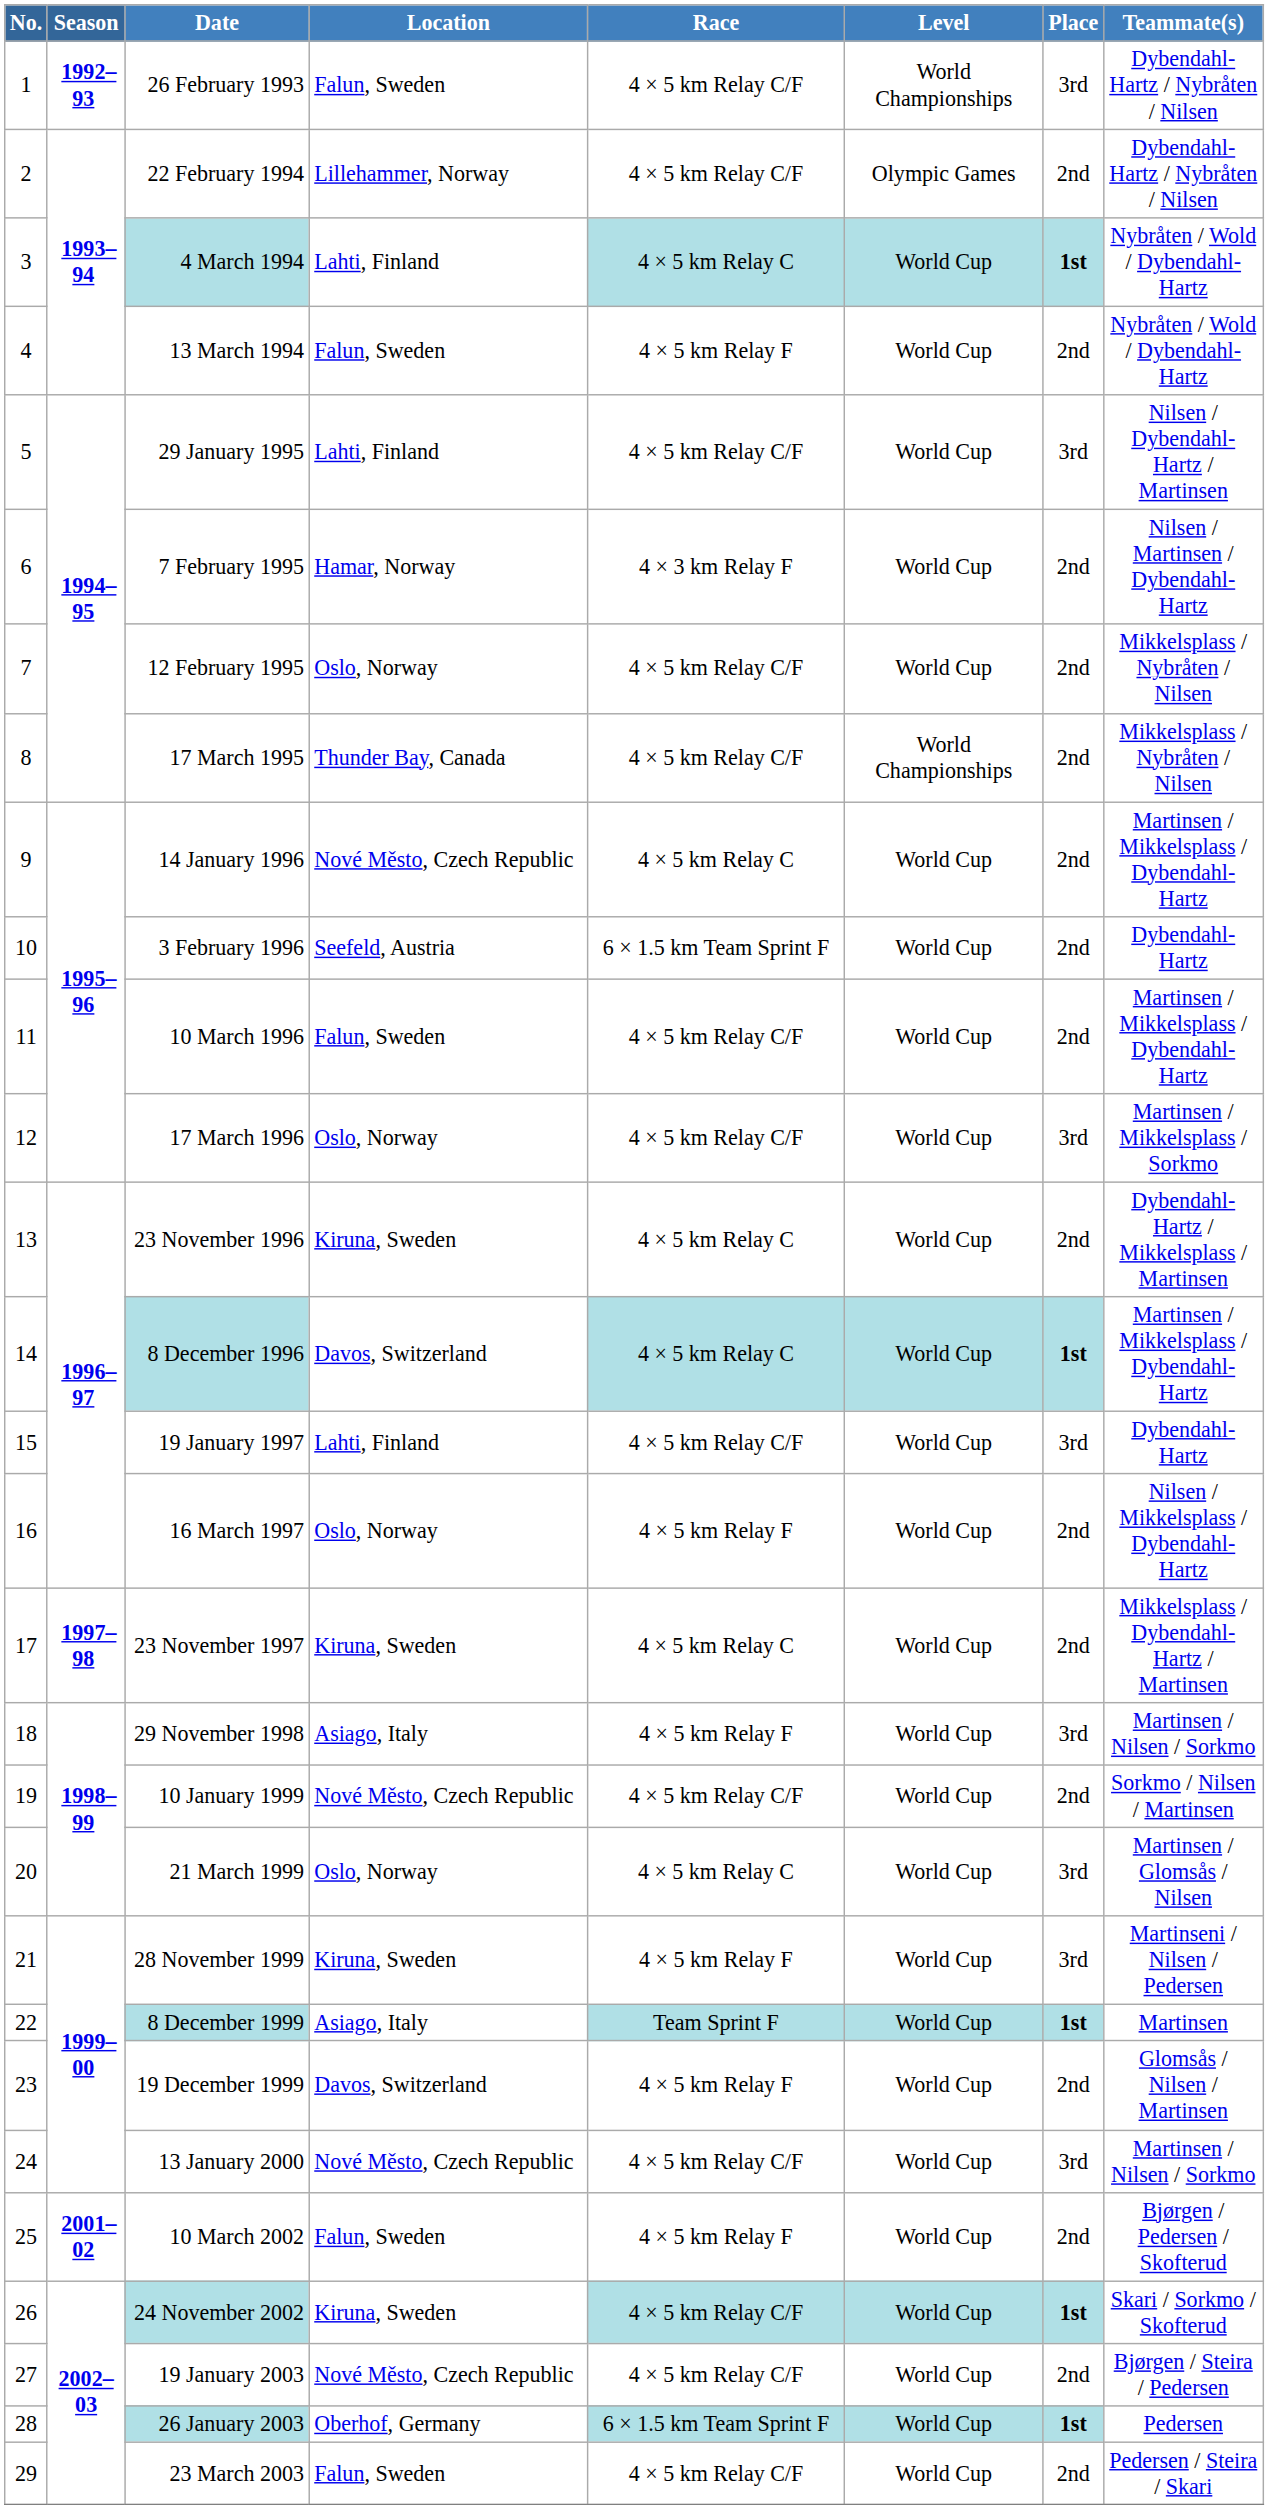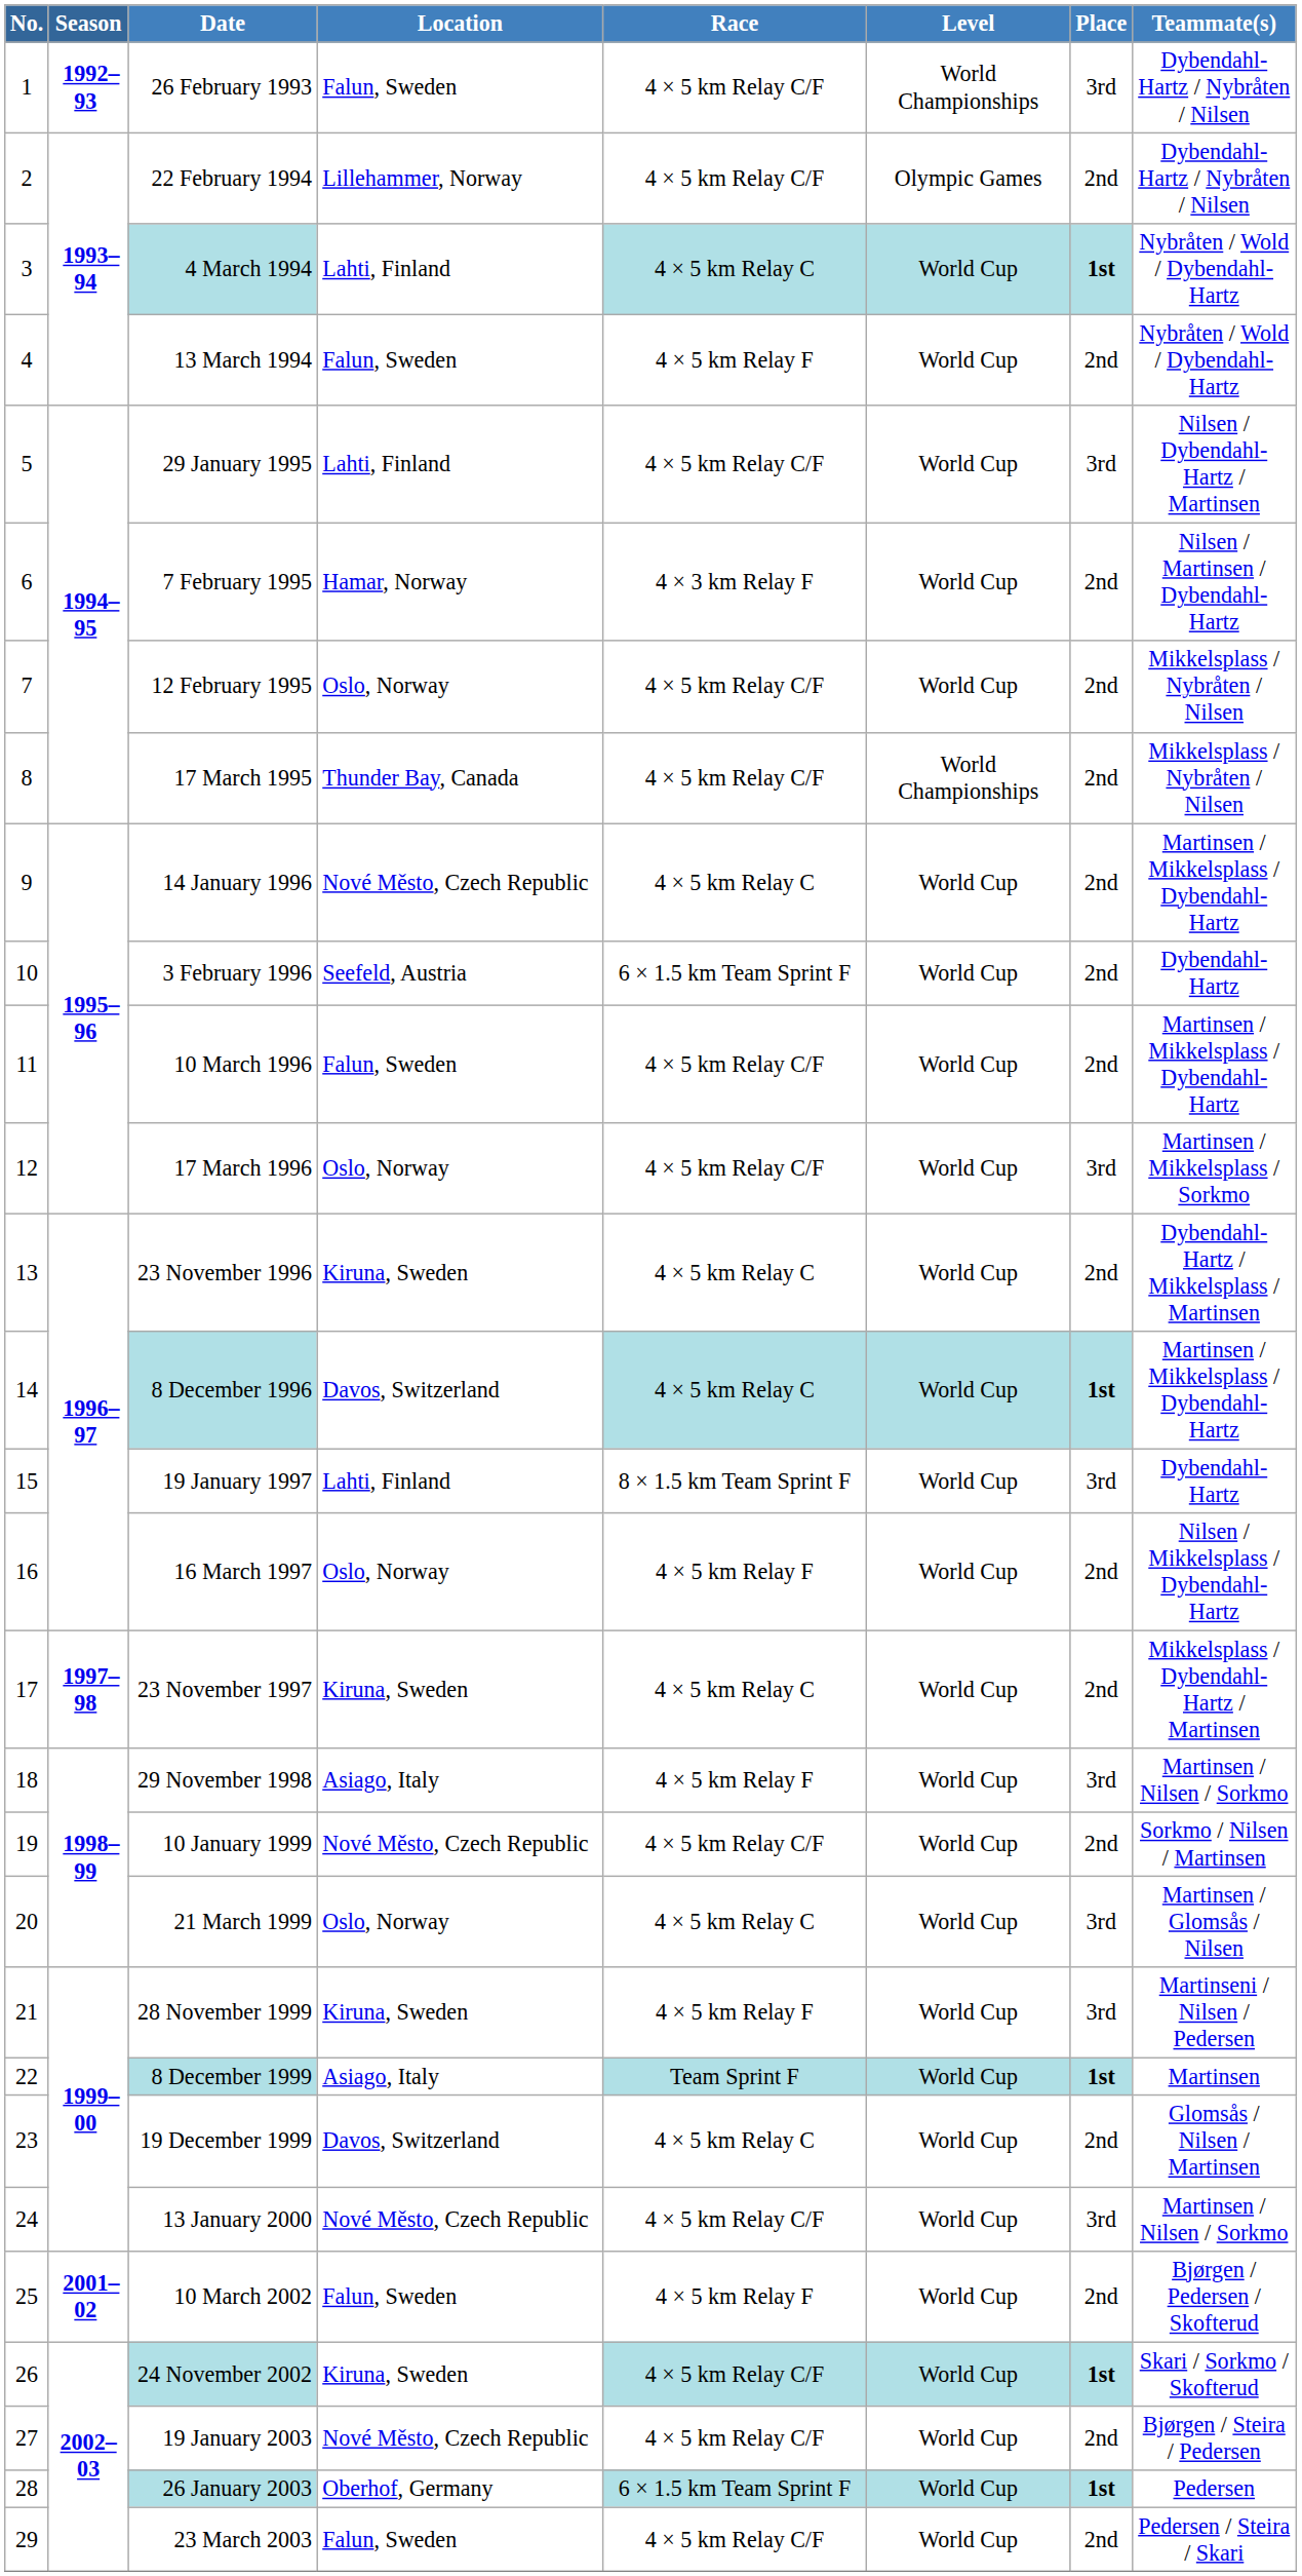 <table class="wikitable sortable" style="font-size:95%; text-align:center; border:grey solid 1px; border-collapse:collapse; background:#ffffff;">
 <tr style="background:#efefef;">
 <th style="background-color:#369; color:white;">No.</th>
 <th style="background-color:#369; color:white;">Season</th>
 <th style="background-color:#4180be; color:white; width:120px;">Date</th>
 <th style="background-color:#4180be; color:white; width:185px;">Location</th>
 <th style="background-color:#4180be; color:white; width:170px;">Race</th>
 <th style="background-color:#4180be; color:white; width:130px;">Level</th>
 <th style="background-color:#4180be; color:white;">Place</th>
 <th style="background-color:#4180be; color:white;">Teammate(s)</th>
 </tr>
 <tr>
 <td align=center>1</td>
 <td rowspan=1 align=center><strong> <a href='#'>1992–93</a> </strong></td>
 <td align=right>26 February 1993</td>
 <td align=left> <a href='#'>Falun</a>, Sweden</td>
 <td>4 × 5 km Relay C/F</td>
 <td>World Championships</td>
 <td>3rd</td>
 <td><a href='#'>Dybendahl-Hartz</a> / <a href='#'>Nybråten</a> / <a href='#'>Nilsen</a></td>
 </tr>
 <tr>
 <td align=center>2</td>
 <td rowspan=3 align=center><strong> <a href='#'>1993–94</a> </strong></td>
 <td align=right>22 February 1994</td>
 <td align=left> <a href='#'>Lillehammer</a>, Norway</td>
 <td>4 × 5 km Relay C/F</td>
 <td>Olympic Games</td>
 <td>2nd</td>
 <td><a href='#'>Dybendahl-Hartz</a> / <a href='#'>Nybråten</a> / <a href='#'>Nilsen</a></td>
 </tr>
 <tr>
 <td align=center>3</td>
 <td bgcolor="#BOEOE6" align=right>4 March 1994</td>
 <td align=left> <a href='#'>Lahti</a>, Finland</td>
 <td bgcolor="#BOEOE6">4 × 5 km Relay C</td>
 <td bgcolor="#BOEOE6">World Cup</td>
 <td bgcolor="#BOEOE6"><strong>1st</strong></td>
 <td><a href='#'>Nybråten</a> / <a href='#'>Wold</a> / <a href='#'>Dybendahl-Hartz</a></td>
 </tr>
 <tr>
 <td align=center>4</td>
 <td align=right>13 March 1994</td>
 <td align=left> <a href='#'>Falun</a>, Sweden</td>
 <td>4 × 5 km Relay F</td>
 <td>World Cup</td>
 <td>2nd</td>
 <td><a href='#'>Nybråten</a> / <a href='#'>Wold</a> / <a href='#'>Dybendahl-Hartz</a></td>
 </tr>
 <tr>
 <td align=center>5</td>
 <td rowspan=4 align=center><strong> <a href='#'>1994–95</a> </strong></td>
 <td align=right>29 January 1995</td>
 <td align=left> <a href='#'>Lahti</a>, Finland</td>
 <td>4 × 5 km Relay C/F</td>
 <td>World Cup</td>
 <td>3rd</td>
 <td><a href='#'>Nilsen</a> / <a href='#'>Dybendahl-Hartz</a> / <a href='#'>Martinsen</a></td>
 </tr>
 <tr>
 <td align=center>6</td>
 <td align=right>7 February 1995</td>
 <td align=left> <a href='#'>Hamar</a>, Norway</td>
 <td>4 × 3 km Relay F</td>
 <td>World Cup</td>
 <td>2nd</td>
 <td><a href='#'>Nilsen</a> / <a href='#'>Martinsen</a> / <a href='#'>Dybendahl-Hartz</a></td>
 </tr>
 <tr>
 <td align=center>7</td>
 <td align=right>12 February 1995</td>
 <td align=left> <a href='#'>Oslo</a>, Norway</td>
 <td>4 × 5 km Relay C/F</td>
 <td>World Cup</td>
 <td>2nd</td>
 <td><a href='#'>Mikkelsplass</a> / <a href='#'>Nybråten</a> / <a href='#'>Nilsen</a></td>
 </tr>
 <tr>
 <td align=center>8</td>
 <td align=right>17 March 1995</td>
 <td align=left> <a href='#'>Thunder Bay</a>, Canada</td>
 <td>4 × 5 km Relay C/F</td>
 <td>World Championships</td>
 <td>2nd</td>
 <td><a href='#'>Mikkelsplass</a> / <a href='#'>Nybråten</a> / <a href='#'>Nilsen</a></td>
 </tr>
 <tr>
 <td align=center>9</td>
 <td rowspan=4 align=center><strong> <a href='#'>1995–96</a> </strong></td>
 <td align=right>14 January 1996</td>
 <td align=left> <a href='#'>Nové Město</a>, Czech Republic</td>
 <td>4 × 5 km Relay C</td>
 <td>World Cup</td>
 <td>2nd</td>
 <td><a href='#'>Martinsen</a> / <a href='#'>Mikkelsplass</a> / <a href='#'>Dybendahl-Hartz</a></td>
 </tr>
 <tr>
 <td align=center>10</td>
 <td align=right>3 February 1996</td>
 <td align=left> <a href='#'>Seefeld</a>, Austria</td>
 <td>6 × 1.5 km Team Sprint F</td>
 <td>World Cup</td>
 <td>2nd</td>
 <td><a href='#'>Dybendahl-Hartz</a></td>
 </tr>
 <tr>
 <td align=center>11</td>
 <td align=right>10 March 1996</td>
 <td align=left> <a href='#'>Falun</a>, Sweden</td>
 <td>4 × 5 km Relay C/F</td>
 <td>World Cup</td>
 <td>2nd</td>
 <td><a href='#'>Martinsen</a> / <a href='#'>Mikkelsplass</a> / <a href='#'>Dybendahl-Hartz</a></td>
 </tr>
 <tr>
 <td align=center>12</td>
 <td align=right>17 March 1996</td>
 <td align=left> <a href='#'>Oslo</a>, Norway</td>
 <td>4 × 5 km Relay C/F</td>
 <td>World Cup</td>
 <td>3rd</td>
 <td><a href='#'>Martinsen</a> / <a href='#'>Mikkelsplass</a> / <a href='#'>Sorkmo</a></td>
 </tr>
 <tr>
 <td align=center>13</td>
 <td rowspan=4 align=center><strong> <a href='#'>1996–97</a> </strong></td>
 <td align=right>23 November 1996</td>
 <td align=left> <a href='#'>Kiruna</a>, Sweden</td>
 <td>4 × 5 km Relay C</td>
 <td>World Cup</td>
 <td>2nd</td>
 <td><a href='#'>Dybendahl-Hartz</a> / <a href='#'>Mikkelsplass</a> / <a href='#'>Martinsen</a></td>
 </tr>
 <tr>
 <td align=center>14</td>
 <td bgcolor="#BOEOE6" align=right>8 December 1996</td>
 <td align=left> <a href='#'>Davos</a>, Switzerland</td>
 <td bgcolor="#BOEOE6">4 × 5 km Relay C</td>
 <td bgcolor="#BOEOE6">World Cup</td>
 <td bgcolor="#BOEOE6"><strong>1st</strong></td>
 <td><a href='#'>Martinsen</a> / <a href='#'>Mikkelsplass</a> / <a href='#'>Dybendahl-Hartz</a></td>
 </tr>
 <tr>
 <td align=center>15</td>
 <td align=right>19 January 1997</td>
 <td align=left> <a href='#'>Lahti</a>, Finland</td>
-<td>4 × 5 km Relay C/F</td>
+<td>8 × 1.5 km Team Sprint F</td>
 <td>World Cup</td>
 <td>3rd</td>
 <td><a href='#'>Dybendahl-Hartz</a></td>
 </tr>
 <tr>
 <td align=center>16</td>
 <td align=right>16 March 1997</td>
 <td align=left> <a href='#'>Oslo</a>, Norway</td>
 <td>4 × 5 km Relay F</td>
 <td>World Cup</td>
 <td>2nd</td>
 <td><a href='#'>Nilsen</a> / <a href='#'>Mikkelsplass</a> / <a href='#'>Dybendahl-Hartz</a></td>
 </tr>
 <tr>
 <td align=center>17</td>
 <td rowspan=1 align=center><strong> <a href='#'>1997–98</a> </strong></td>
 <td align=right>23 November 1997</td>
 <td align=left> <a href='#'>Kiruna</a>, Sweden</td>
 <td>4 × 5 km Relay C</td>
 <td>World Cup</td>
 <td>2nd</td>
 <td><a href='#'>Mikkelsplass</a> / <a href='#'>Dybendahl-Hartz</a> / <a href='#'>Martinsen</a></td>
 </tr>
 <tr>
 <td align=center>18</td>
 <td rowspan=3 align=center><strong> <a href='#'>1998–99</a> </strong></td>
 <td align=right>29 November 1998</td>
 <td align=left> <a href='#'>Asiago</a>, Italy</td>
 <td>4 × 5 km Relay F</td>
 <td>World Cup</td>
 <td>3rd</td>
 <td><a href='#'>Martinsen</a> / <a href='#'>Nilsen</a> / <a href='#'>Sorkmo</a></td>
 </tr>
 <tr>
 <td align=center>19</td>
 <td align=right>10 January 1999</td>
 <td align=left> <a href='#'>Nové Město</a>, Czech Republic</td>
 <td>4 × 5 km Relay C/F</td>
 <td>World Cup</td>
 <td>2nd</td>
 <td><a href='#'>Sorkmo</a> / <a href='#'>Nilsen</a> / <a href='#'>Martinsen</a></td>
 </tr>
 <tr>
 <td align=center>20</td>
 <td align=right>21 March 1999</td>
 <td align=left> <a href='#'>Oslo</a>, Norway</td>
 <td>4 × 5 km Relay C</td>
 <td>World Cup</td>
 <td>3rd</td>
 <td><a href='#'>Martinsen</a> / <a href='#'>Glomsås</a> / <a href='#'>Nilsen</a></td>
 </tr>
 <tr>
 <td align=center>21</td>
 <td rowspan=4 align=center><strong> <a href='#'>1999–00</a> </strong></td>
 <td align=right>28 November 1999</td>
 <td align=left> <a href='#'>Kiruna</a>, Sweden</td>
 <td>4 × 5 km Relay F</td>
 <td>World Cup</td>
 <td>3rd</td>
 <td><a href='#'>Martinseni</a> / <a href='#'>Nilsen</a> / <a href='#'>Pedersen</a></td>
 </tr>
 <tr>
 <td align=center>22</td>
 <td bgcolor="#BOEOE6" align=right>8 December 1999</td>
 <td align=left> <a href='#'>Asiago</a>, Italy</td>
 <td bgcolor="#BOEOE6">Team Sprint F</td>
 <td bgcolor="#BOEOE6">World Cup</td>
 <td bgcolor="#BOEOE6"><strong>1st</strong></td>
 <td><a href='#'>Martinsen</a></td>
 </tr>
 <tr>
 <td align=center>23</td>
 <td align=right>19 December 1999</td>
 <td align=left> <a href='#'>Davos</a>, Switzerland</td>
-<td>4 × 5 km Relay F</td>
+<td>4 × 5 km Relay C</td>
 <td>World Cup</td>
 <td>2nd</td>
 <td><a href='#'>Glomsås</a> / <a href='#'>Nilsen</a> / <a href='#'>Martinsen</a></td>
 </tr>
 <tr>
 <td align=center>24</td>
 <td align=right>13 January 2000</td>
 <td align=left> <a href='#'>Nové Město</a>, Czech Republic</td>
 <td>4 × 5 km Relay C/F</td>
 <td>World Cup</td>
 <td>3rd</td>
 <td><a href='#'>Martinsen</a>  / <a href='#'>Nilsen</a> / <a href='#'>Sorkmo</a></td>
 </tr>
 <tr>
 <td align=center>25</td>
 <td rowspan=1 align=center><strong> <a href='#'>2001–02</a> </strong></td>
 <td align=right>10 March 2002</td>
 <td align=left> <a href='#'>Falun</a>, Sweden</td>
 <td>4 × 5 km Relay F</td>
 <td>World Cup</td>
 <td>2nd</td>
 <td><a href='#'>Bjørgen</a> / <a href='#'>Pedersen</a> / <a href='#'>Skofterud</a></td>
 </tr>
 <tr>
 <td align=center>26</td>
 <td rowspan=4 align=center><strong><a href='#'>2002–03</a></strong></td>
 <td bgcolor="#BOEOE6" align=right>24 November 2002</td>
 <td align=left> <a href='#'>Kiruna</a>, Sweden</td>
 <td bgcolor="#BOEOE6">4 × 5 km Relay C/F</td>
 <td bgcolor="#BOEOE6">World Cup</td>
 <td bgcolor="#BOEOE6"><strong>1st</strong></td>
 <td><a href='#'>Skari</a> / <a href='#'>Sorkmo</a> / <a href='#'>Skofterud</a></td>
 </tr>
 <tr>
 <td align=center>27</td>
 <td align=right>19 January 2003</td>
 <td align=left> <a href='#'>Nové Město</a>, Czech Republic</td>
 <td>4 × 5 km Relay C/F</td>
 <td>World Cup</td>
 <td>2nd</td>
 <td><a href='#'>Bjørgen</a> / <a href='#'>Steira</a> / <a href='#'>Pedersen</a></td>
 </tr>
 <tr>
 <td align=center>28</td>
 <td bgcolor="#BOEOE6" align=right>26 January 2003</td>
 <td align=left> <a href='#'>Oberhof</a>, Germany</td>
 <td bgcolor="#BOEOE6">6 × 1.5 km Team Sprint F</td>
 <td bgcolor="#BOEOE6">World Cup</td>
 <td bgcolor="#BOEOE6"><strong>1st</strong></td>
 <td><a href='#'>Pedersen</a></td>
 </tr>
 <tr>
 <td align=center>29</td>
 <td align=right>23 March 2003</td>
 <td align=left> <a href='#'>Falun</a>, Sweden</td>
 <td>4 × 5 km Relay C/F</td>
 <td>World Cup</td>
 <td>2nd</td>
 <td><a href='#'>Pedersen</a> / <a href='#'>Steira</a> / <a href='#'>Skari</a></td>
 </tr>
 <tr>
 </tr>
 </table>
